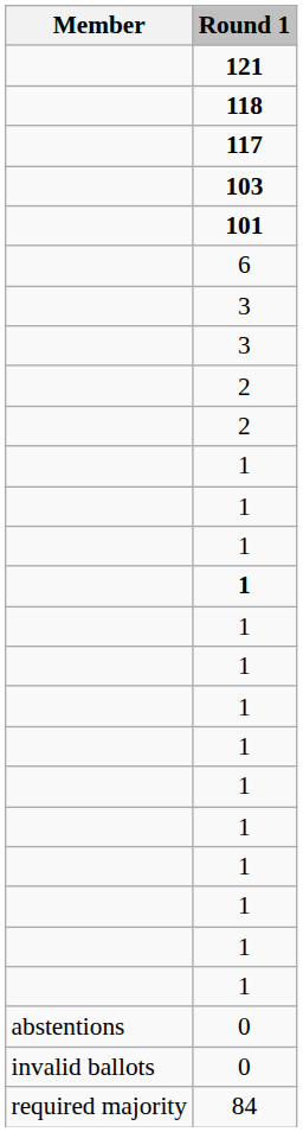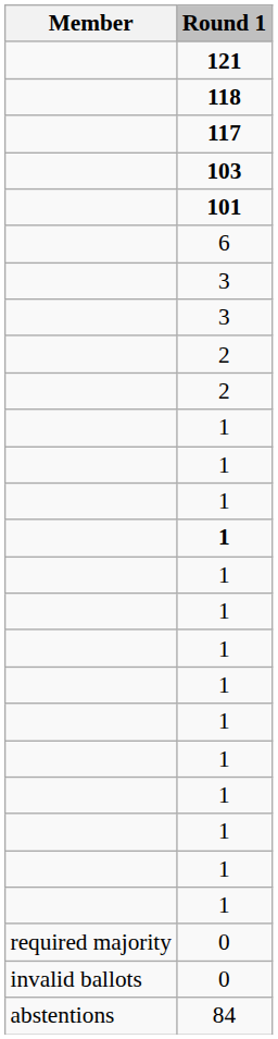 <table class="wikitable collapsible">
 <tr>
 <th>Member</th>
 <td style="background:silver;"><strong>Round 1</strong></td>
 </tr>
 <tr>
 <td></td>
 <td style="text-align:center;"><strong>121</strong></td>
 </tr>
 <tr>
 <td></td>
 <td style="text-align:center;"><strong>118</strong></td>
 </tr>
 <tr>
 <td></td>
 <td style="text-align:center;"><strong>117</strong></td>
 </tr>
 <tr>
 <td></td>
 <td style="text-align:center;"><strong>103</strong></td>
 </tr>
 <tr>
 <td></td>
 <td style="text-align:center;"><strong>101</strong></td>
 </tr>
 <tr>
 <td></td>
 <td style="text-align:center;">6</td>
 </tr>
 <tr>
 <td></td>
 <td style="text-align:center;">3</td>
 </tr>
 <tr>
 <td></td>
 <td style="text-align:center;">3</td>
 </tr>
 <tr>
 <td></td>
 <td style="text-align:center;">2</td>
 </tr>
 <tr>
 <td></td>
 <td style="text-align:center;">2</td>
 </tr>
 <tr>
 <td></td>
 <td style="text-align:center;">1</td>
 </tr>
 <tr>
 <td></td>
 <td style="text-align:center;">1</td>
 </tr>
 <tr>
 <td></td>
 <td style="text-align:center;">1</td>
 </tr>
 <tr>
 <td></td>
 <td style="text-align:center;"><strong>1</strong></td>
 </tr>
 <tr>
 <td></td>
 <td style="text-align:center;">1</td>
 </tr>
 <tr>
 <td></td>
 <td style="text-align:center;">1</td>
 </tr>
 <tr>
 <td></td>
 <td style="text-align:center;">1</td>
 </tr>
 <tr>
 <td></td>
 <td style="text-align:center;">1</td>
 </tr>
 <tr>
 <td></td>
 <td style="text-align:center;">1</td>
 </tr>
 <tr>
 <td></td>
 <td style="text-align:center;">1</td>
 </tr>
 <tr>
 <td></td>
 <td style="text-align:center;">1</td>
 </tr>
 <tr>
 <td></td>
 <td style="text-align:center;">1</td>
 </tr>
 <tr>
 <td></td>
 <td style="text-align:center;">1</td>
 </tr>
 <tr>
 <td></td>
 <td style="text-align:center;">1</td>
 </tr>
 <tr>
-<td>abstentions</td>
+<td>required majority</td>
 <td style="text-align:center;">0</td>
 </tr>
 <tr>
 <td>invalid ballots</td>
 <td style="text-align:center;">0</td>
 </tr>
 <tr>
-<td>required majority</td>
+<td>abstentions</td>
 <td style="text-align:center;">84</td>
 </tr>
 </table>
